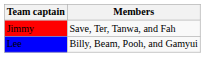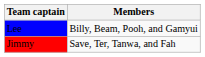 <table class="wikitable">
 <tr>
 <th>Team captain</th>
 <th>Members</th>
 </tr>
 <tr>
+<td style="background:#0000FF"><span>Lee</span></td>
+<td>Billy, Beam, Pooh, and Gamyui</td>
+</tr>
+<tr>
 <td style="background:red"><span>Jimmy</span></td>
 <td>Save, Ter, Tanwa, and Fah</td>
 </tr>
-<tr>
-<td style="background:#0000FF"><span>Lee</span></td>
-<td>Billy, Beam, Pooh, and Gamyui</td>
-</tr>
 </table>
